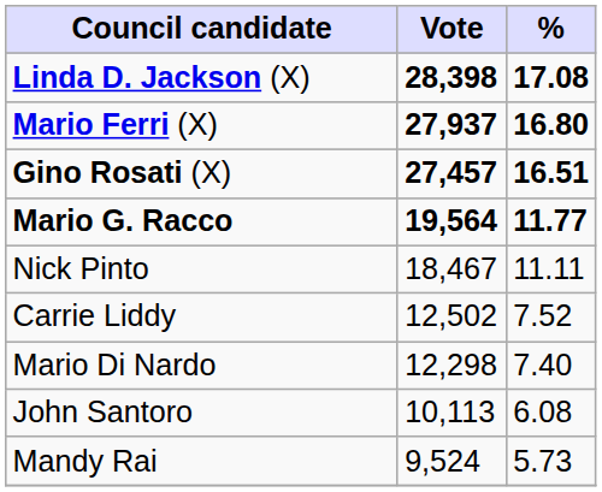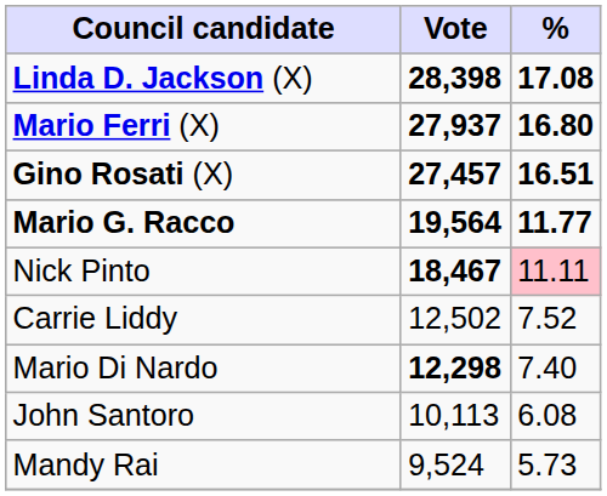 <table class="wikitable">
 <tr>
 <th style="background:#ddf; width:200px;">Council candidate</th>
 <th style="background:#ddf; width:50px;">Vote</th>
 <th style="background:#ddf; width:30px;">%</th>
 </tr>
 <tr>
 <td><strong><a href='#'>Linda D. Jackson</a></strong> (X)</td>
 <td><strong>28,398</strong></td>
 <td><strong>17.08</strong></td>
 </tr>
 <tr>
 <td><strong><a href='#'>Mario Ferri</a></strong> (X)</td>
 <td><strong>27,937</strong></td>
 <td><strong>16.80</strong></td>
 </tr>
 <tr>
 <td><strong>Gino Rosati</strong> (X)</td>
 <td><strong>27,457</strong></td>
 <td><strong>16.51</strong></td>
 </tr>
 <tr>
 <td><strong>Mario G. Racco</strong></td>
 <td><strong>19,564</strong></td>
 <td><strong>11.77</strong></td>
 </tr>
 <tr>
 <td>Nick Pinto</td>
-<td>18,467</td>
-<td>11.11</td>
+<td><strong>18,467</strong></td>
+<td style="background: pink;">11.11</td>
 </tr>
 <tr>
 <td>Carrie Liddy</td>
 <td>12,502</td>
 <td>7.52</td>
 </tr>
 <tr>
 <td>Mario Di Nardo</td>
-<td>12,298</td>
+<td><strong>12,298</strong></td>
 <td>7.40</td>
 </tr>
 <tr>
 <td>John Santoro</td>
 <td>10,113</td>
 <td>6.08</td>
 </tr>
 <tr>
 <td>Mandy Rai</td>
 <td>9,524</td>
 <td>5.73</td>
 </tr>
 <tr>
 </tr>
 </table>
